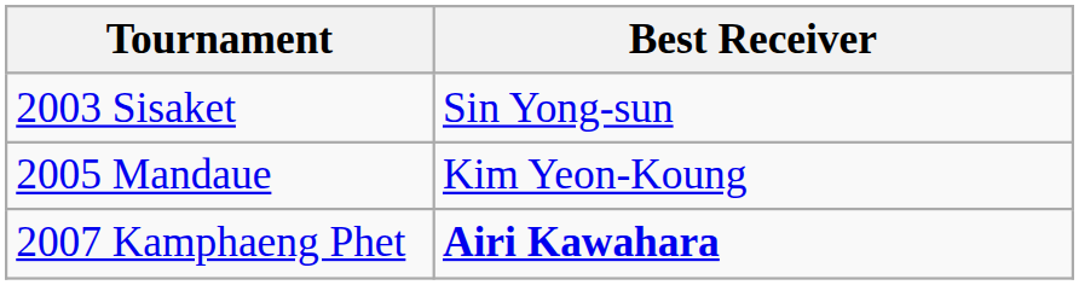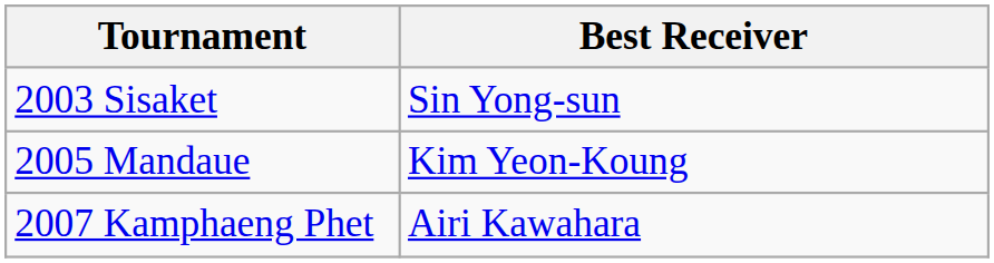 <table class=wikitable style="width: 400px;">
 <tr>
 <th style="width: 40%;">Tournament</th>
 <th style="width: 60%;">Best Receiver</th>
 </tr>
 <tr>
 <td><a href='#'>2003 Sisaket</a></td>
 <td> <a href='#'>Sin Yong-sun</a></td>
 </tr>
 <tr>
 <td><a href='#'>2005 Mandaue</a></td>
 <td> <a href='#'>Kim Yeon-Koung</a></td>
 </tr>
 <tr>
 <td><a href='#'>2007 Kamphaeng Phet</a></td>
-<td><strong> <a href='#'>Airi Kawahara</a></strong></td>
+<td> <a href='#'>Airi Kawahara</a></td>
 </tr>
 </table>
